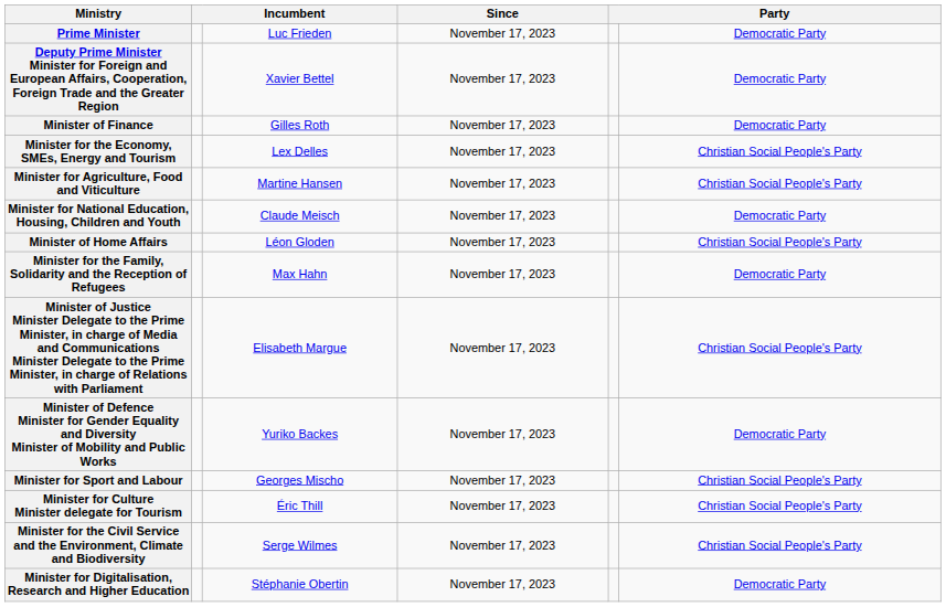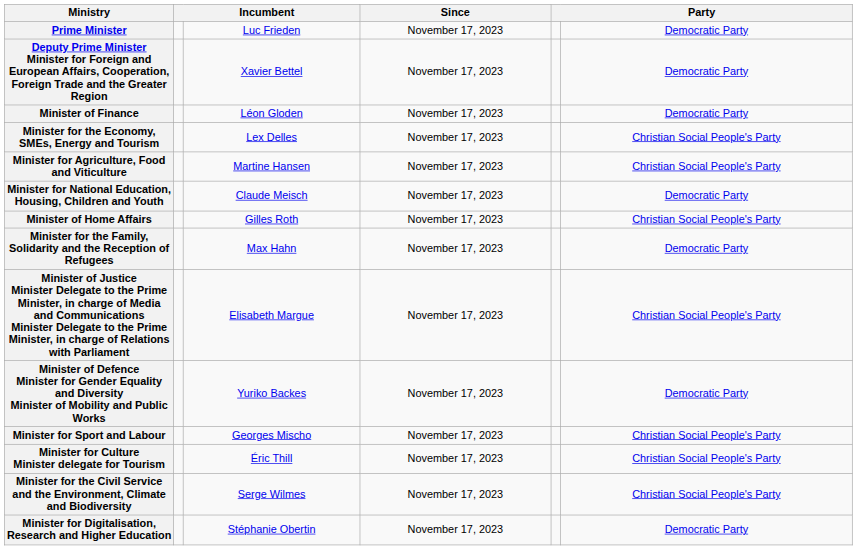 <table class="wikitable sortable" style="text-align:center">
 <tr>
 <th width="20%">Ministry</th>
 <th colspan="2">Incumbent</th>
 <th>Since</th>
 <th colspan="2">Party</th>
 </tr>
 <tr>
 <th style="text-align:center"><a href='#'>Prime Minister</a></th>
 <td></td>
 <td><a href='#'>Luc Frieden</a></td>
 <td>November 17, 2023</td>
 <td style="background:"></td>
 <td><a href='#'>Democratic Party</a></td>
 </tr>
 <tr>
 <th style="text-align:center"><a href='#'>Deputy Prime Minister</a> <br> Minister for Foreign and European Affairs, Cooperation, Foreign Trade and the Greater Region</th>
 <td></td>
 <td><a href='#'>Xavier Bettel</a></td>
 <td>November 17, 2023</td>
 <td style="background:"></td>
 <td><a href='#'>Democratic Party</a></td>
 </tr>
 <tr>
 <th style="text-align:center">Minister of Finance</th>
 <td></td>
-<td><a href='#'>Gilles Roth</a></td>
+<td><a href='#'>Léon Gloden</a></td>
 <td>November 17, 2023</td>
 <td style="background:"></td>
 <td><a href='#'>Democratic Party</a></td>
 </tr>
 <tr>
 <th style="text-align:center">Minister for the Economy, SMEs, Energy and Tourism</th>
 <td></td>
 <td><a href='#'>Lex Delles</a></td>
 <td>November 17, 2023</td>
 <td style="background:"></td>
 <td><a href='#'>Christian Social People's Party</a></td>
 </tr>
 <tr>
 <th style="text-align:center">Minister for Agriculture, Food and Viticulture</th>
 <td></td>
 <td><a href='#'>Martine Hansen</a></td>
 <td>November 17, 2023</td>
 <td style="background:"></td>
 <td><a href='#'>Christian Social People's Party</a></td>
 </tr>
 <tr>
 <th style="text-align:center">Minister for National Education, Housing, Children and Youth</th>
 <td></td>
 <td><a href='#'>Claude Meisch</a></td>
 <td>November 17, 2023</td>
 <td style="background:"></td>
 <td><a href='#'>Democratic Party</a></td>
 </tr>
 <tr>
 <th style="text-align:center">Minister of Home Affairs</th>
 <td></td>
-<td><a href='#'>Léon Gloden</a></td>
+<td><a href='#'>Gilles Roth</a></td>
 <td>November 17, 2023</td>
 <td style="background:"></td>
 <td><a href='#'>Christian Social People's Party</a></td>
 </tr>
 <tr>
 <th style="text-align:center">Minister for the Family, Solidarity and the Reception of Refugees</th>
 <td></td>
 <td><a href='#'>Max Hahn</a></td>
 <td>November 17, 2023</td>
 <td style="background:"></td>
 <td><a href='#'>Democratic Party</a></td>
 </tr>
 <tr>
 <th style="text-align:center">Minister of Justice <br> Minister Delegate to the Prime Minister, in charge of Media and Communications <br> Minister Delegate to the Prime Minister, in charge of Relations with Parliament</th>
 <td></td>
 <td><a href='#'>Elisabeth Margue</a></td>
 <td>November 17, 2023</td>
 <td style="background:"></td>
 <td><a href='#'>Christian Social People's Party</a></td>
 </tr>
 <tr>
 <th style="text-align:center">Minister of Defence <br> Minister for Gender Equality and Diversity <br> Minister of Mobility and Public Works</th>
 <td></td>
 <td><a href='#'>Yuriko Backes</a></td>
 <td>November 17, 2023</td>
 <td style="background:"></td>
 <td><a href='#'>Democratic Party</a></td>
 </tr>
 <tr>
 <th style="text-align:center">Minister for Sport and Labour</th>
 <td></td>
 <td><a href='#'>Georges Mischo</a></td>
 <td>November 17, 2023</td>
 <td style="background:"></td>
 <td><a href='#'>Christian Social People's Party</a></td>
 </tr>
 <tr>
 <th style="text-align:center">Minister for Culture <br> Minister delegate for Tourism</th>
 <td></td>
 <td><a href='#'>Éric Thill</a></td>
 <td>November 17, 2023</td>
 <td style="background:"></td>
 <td><a href='#'>Christian Social People's Party</a></td>
 </tr>
 <tr>
 <th style="text-align:center">Minister for the Civil Service and the Environment, Climate and Biodiversity</th>
 <td></td>
 <td><a href='#'>Serge Wilmes</a></td>
 <td>November 17, 2023</td>
 <td style="background:"></td>
 <td><a href='#'>Christian Social People's Party</a></td>
 </tr>
 <tr>
 <th style="text-align:center">Minister for Digitalisation, Research and Higher Education</th>
 <td></td>
 <td><a href='#'>Stéphanie Obertin</a></td>
 <td>November 17, 2023</td>
 <td style="background:"></td>
 <td><a href='#'>Democratic Party</a></td>
 </tr>
 </table>
